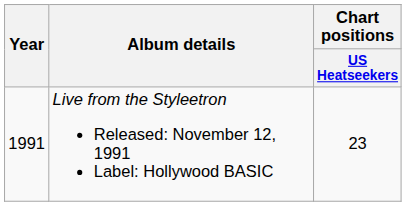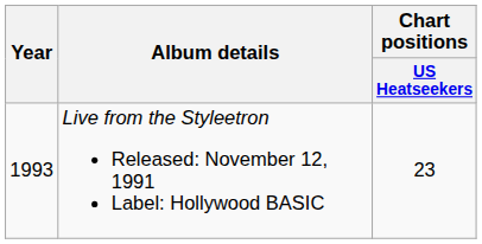 <table class="wikitable" style=text-align:center;>
 <tr>
 <th rowspan="2">Year</th>
 <th rowspan="2" style="width:250px;">Album details</th>
 <th colspan="1">Chart positions</th>
 </tr>
 <tr style="font-size:smaller;">
 <th width="35"><a href='#'>US Heatseekers</a> <br></th>
 </tr>
 <tr>
-<td>1991</td>
+<td>1993</td>
 <td align=left><em>Live from the Styleetron</em><br><ul><li>Released: November 12, 1991</li><li>Label: Hollywood BASIC</li></ul></td>
 <td>23</td>
 </tr>
 </table>
